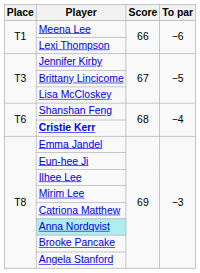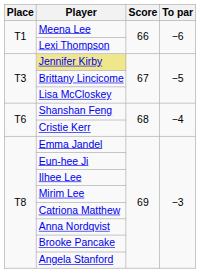 <table class="wikitable">
 <tr>
 <th>Place</th>
 <th>Player</th>
 <th>Score</th>
 <th>To par</th>
 </tr>
 <tr>
 <td rowspan=2 align=center>T1</td>
 <td> <a href='#'>Meena Lee</a></td>
 <td rowspan=2 align=center>66</td>
 <td rowspan=2 align=center>−6</td>
 </tr>
 <tr>
 <td> <a href='#'>Lexi Thompson</a></td>
 </tr>
 <tr>
 <td rowspan=3 align=center>T3</td>
-<td> <a href='#'>Jennifer Kirby</a></td>
+<td style="background: khaki;"> <a href='#'>Jennifer Kirby</a></td>
 <td rowspan=3 align=center>67</td>
 <td rowspan=3 align=center>−5</td>
 </tr>
 <tr>
 <td> <a href='#'>Brittany Lincicome</a></td>
 </tr>
 <tr>
 <td> <a href='#'>Lisa McCloskey</a></td>
 </tr>
 <tr>
 <td rowspan=2 align=center>T6</td>
 <td> <a href='#'>Shanshan Feng</a></td>
 <td rowspan=2 align=center>68</td>
 <td rowspan=2 align=center>−4</td>
 </tr>
 <tr>
-<td><strong> <a href='#'>Cristie Kerr</a></strong></td>
+<td> <a href='#'>Cristie Kerr</a></td>
 </tr>
 <tr>
 <td rowspan=8 align=center>T8</td>
 <td> <a href='#'>Emma Jandel</a></td>
 <td rowspan=8 align=center>69</td>
 <td rowspan=8 align=center>−3</td>
 </tr>
 <tr>
 <td> <a href='#'>Eun-hee Ji</a></td>
 </tr>
 <tr>
 <td> <a href='#'>Ilhee Lee</a></td>
 </tr>
 <tr>
 <td> <a href='#'>Mirim Lee</a></td>
 </tr>
 <tr>
 <td> <a href='#'>Catriona Matthew</a></td>
 </tr>
 <tr>
-<td style="background: paleturquoise;"> <a href='#'>Anna Nordqvist</a></td>
+<td> <a href='#'>Anna Nordqvist</a></td>
 </tr>
 <tr>
 <td> <a href='#'>Brooke Pancake</a></td>
 </tr>
 <tr>
 <td> <a href='#'>Angela Stanford</a></td>
 </tr>
 </table>
